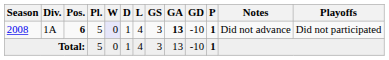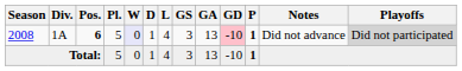 <table class="wikitable">
 <tr style="background:#efefef;">
 <th>Season</th>
 <th>Div.</th>
 <th>Pos.</th>
 <th>Pl.</th>
 <th>W</th>
 <th>D</th>
 <th>L</th>
 <th>GS</th>
 <th>GA</th>
 <th>GD</th>
 <th>P</th>
 <th>Notes</th>
 <th>Playoffs</th>
 </tr>
 <tr>
 <td><a href='#'>2008</a></td>
 <td>1A</td>
 <td align=right><strong>6</strong></td>
 <td align=right>5</td>
 <td align=right style="background: lavender;">0</td>
 <td align=right>1</td>
 <td align=right>4</td>
 <td align=right>3</td>
-<td align=right><strong>13</strong></td>
-<td align=right>-10</td>
+<td align=right>13</td>
+<td align=right style="background: pink;">-10</td>
 <td align=right><strong>1</strong></td>
 <td>Did not advance</td>
-<td>Did not participated</td>
+<td style="background: lightgrey;">Did not participated</td>
 </tr>
 <tr style="background:#efefef">
 <td align=right colspan=3><strong>Total:</strong></td>
 <td align=right>5</td>
 <td align=right>0</td>
 <td align=right>1</td>
 <td align=right>4</td>
 <td align=right>3</td>
 <td align=right>13</td>
 <td align=right>-10</td>
 <td align=right><strong>1</strong></td>
 <td colspan=3 bgcolor=#efefef></td>
 </tr>
 </table>
